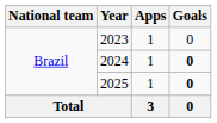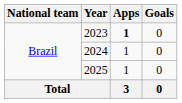 <table class=wikitable style=text-align:center>
 <tr>
 <th>National team</th>
 <th>Year</th>
 <th>Apps</th>
 <th>Goals</th>
 </tr>
 <tr>
 <td rowspan="3"><a href='#'>Brazil</a></td>
 <td>2023</td>
-<td>1</td>
+<td><strong>1</strong></td>
 <td>0</td>
 </tr>
 <tr>
 <td>2024</td>
 <td>1</td>
-<td><strong>0</strong></td>
+<td>0</td>
 </tr>
 <tr>
 <td>2025</td>
 <td>1</td>
-<td><strong>0</strong></td>
+<td>0</td>
 </tr>
 <tr>
 <th colspan="2">Total</th>
 <th>3</th>
 <th>0</th>
 </tr>
 </table>
